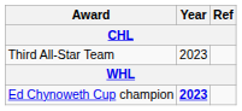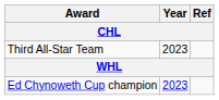 <table class="wikitable">
 <tr>
 <th>Award</th>
 <th>Year</th>
 <th>Ref</th>
 </tr>
 <tr>
 <th colspan="4"><a href='#'>CHL</a></th>
 </tr>
 <tr>
 <td>Third All-Star Team</td>
 <td>2023</td>
 <td></td>
 </tr>
 <tr>
 <th colspan="4"><a href='#'>WHL</a></th>
 </tr>
 <tr>
 <td><a href='#'>Ed Chynoweth Cup</a> champion</td>
-<td><strong><a href='#'>2023</a></strong></td>
+<td><a href='#'>2023</a></td>
 <td></td>
 </tr>
 </table>
